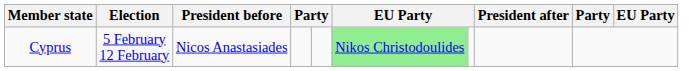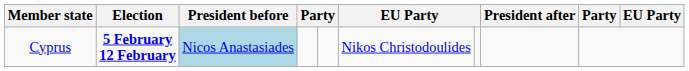 <table class="wikitable" style="text-align:center;">
 <tr>
 <th>Member state</th>
 <th>Election</th>
 <th>President before</th>
 <th colspan="2">Party</th>
 <th colspan="2">EU Party</th>
 <th>President after</th>
 <th colspan="2">Party</th>
 <th colspan="2">EU Party</th>
 </tr>
 <tr>
 <td><a href='#'>Cyprus</a></td>
-<td><a href='#'>5 February<br>12 February</a></td>
-<td><a href='#'>Nicos Anastasiades</a></td>
+<td><strong><a href='#'>5 February<br>12 February</a></strong></td>
+<td style="background: lightblue;"><a href='#'>Nicos Anastasiades</a></td>
 <td></td>
 <td></td>
-<td style="background: lightgreen;"><a href='#'>Nikos Christodoulides</a></td>
+<td><a href='#'>Nikos Christodoulides</a></td>
 <td></td>
 <td></td>
 </tr>
 </table>
